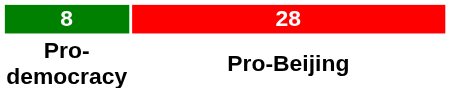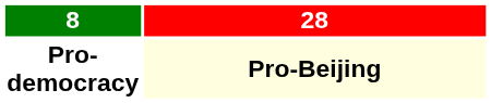 <table style="width:50%; text-align:center;">
 <tr style="color:white;">
 <td style="background:green; width:22.22%;"><strong>8</strong></td>
 <td style="background:red; width:77.78%;"><strong>28</strong></td>
 </tr>
 <tr>
 <td><span><strong>Pro-democracy</strong></span></td>
-<td><span><strong>Pro-Beijing</strong></span></td>
+<td style="background: lightyellow;"><span><strong>Pro-Beijing</strong></span></td>
 </tr>
 </table>
